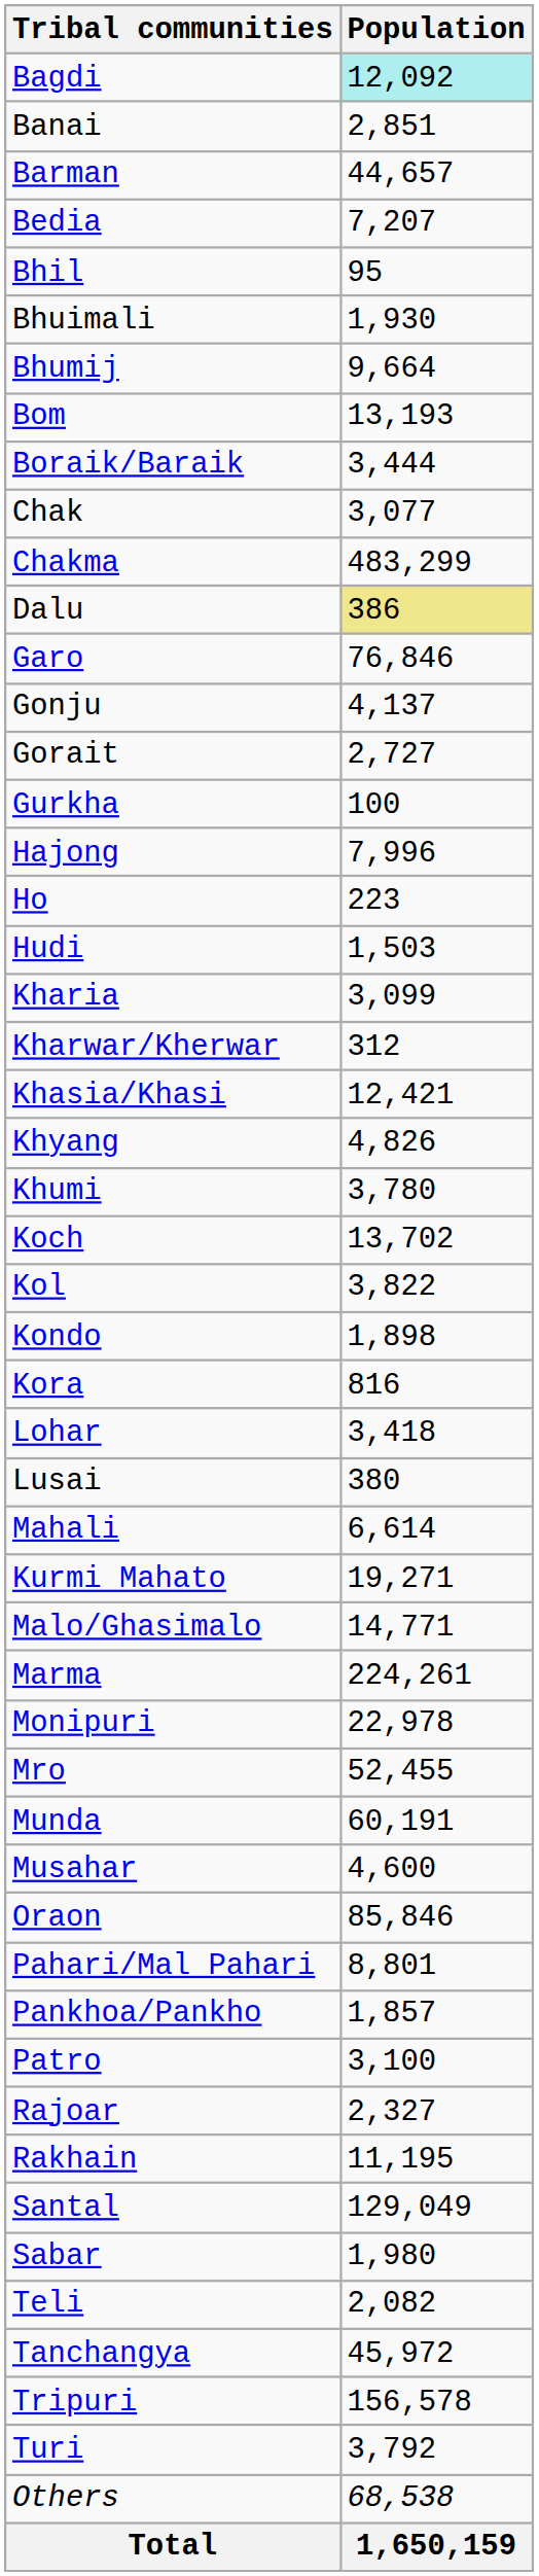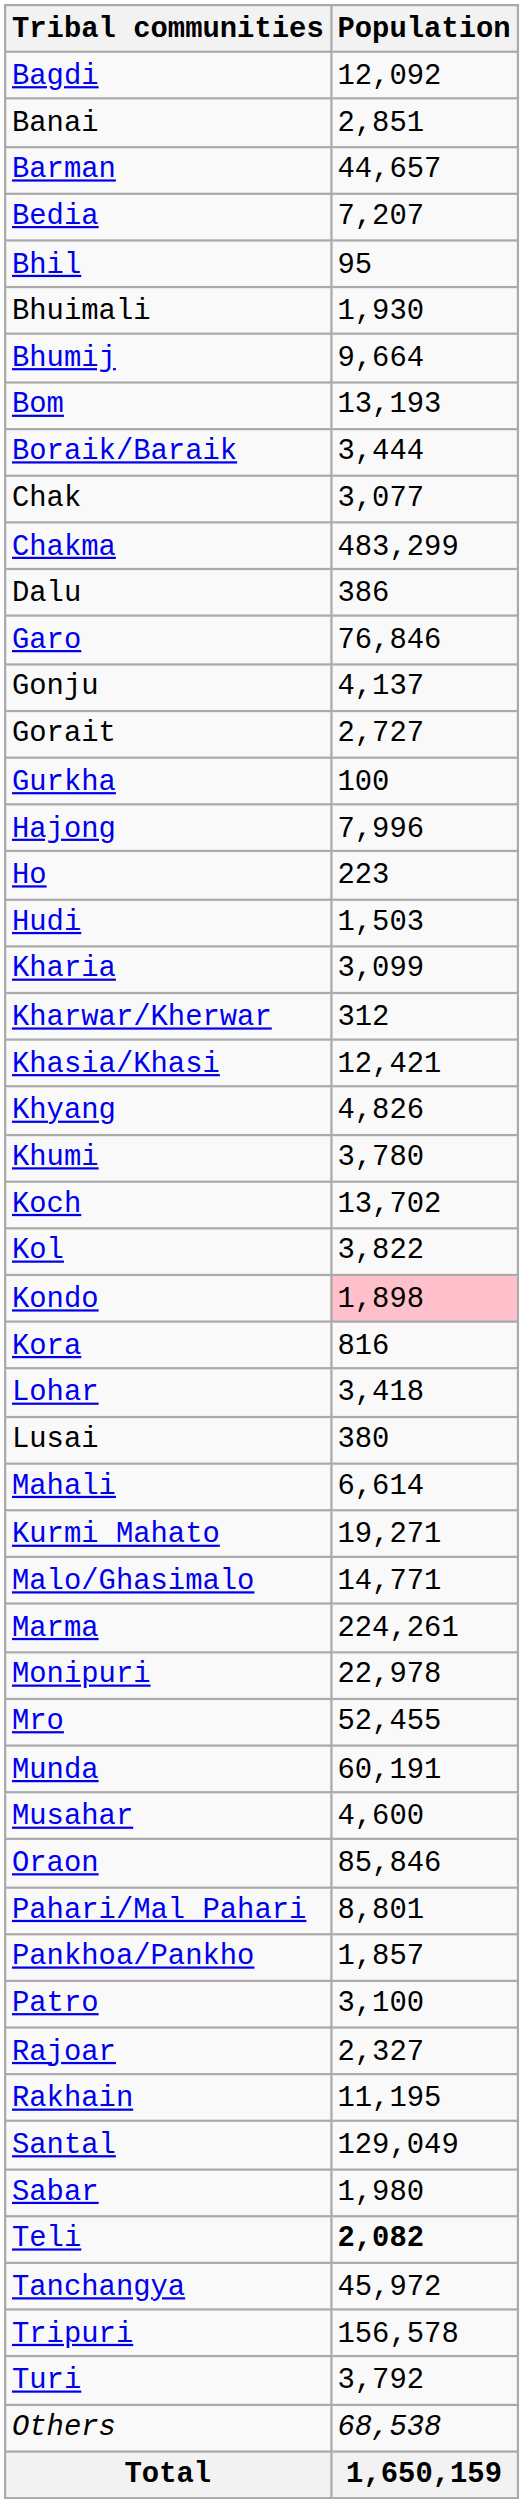 <table class="wikitable sortable static-row-numbers static-row-header-text defaultleft col2right hover-highlight">
 <tr>
 <th>Tribal communities</th>
 <th>Population</th>
 </tr>
 <tr>
 <td><a href='#'>Bagdi</a></td>
-<td style="background: paleturquoise;">12,092</td>
+<td>12,092</td>
 </tr>
 <tr>
 <td>Banai</td>
 <td>2,851</td>
 </tr>
 <tr>
 <td><a href='#'>Barman</a></td>
 <td>44,657</td>
 </tr>
 <tr>
 <td><a href='#'>Bedia</a></td>
 <td>7,207</td>
 </tr>
 <tr>
 <td><a href='#'>Bhil</a></td>
 <td>95</td>
 </tr>
 <tr>
 <td>Bhuimali</td>
 <td>1,930</td>
 </tr>
 <tr>
 <td><a href='#'>Bhumij</a></td>
 <td>9,664</td>
 </tr>
 <tr>
 <td><a href='#'>Bom</a></td>
 <td>13,193</td>
 </tr>
 <tr>
 <td><a href='#'>Boraik/Baraik</a></td>
 <td>3,444</td>
 </tr>
 <tr>
 <td>Chak</td>
 <td>3,077</td>
 </tr>
 <tr>
 <td><a href='#'>Chakma</a></td>
 <td>483,299</td>
 </tr>
 <tr>
 <td>Dalu</td>
-<td style="background: khaki;">386</td>
+<td>386</td>
 </tr>
 <tr>
 <td><a href='#'>Garo</a></td>
 <td>76,846</td>
 </tr>
 <tr>
 <td>Gonju</td>
 <td>4,137</td>
 </tr>
 <tr>
 <td>Gorait</td>
 <td>2,727</td>
 </tr>
 <tr>
 <td><a href='#'>Gurkha</a></td>
 <td>100</td>
 </tr>
 <tr>
 <td><a href='#'>Hajong</a></td>
 <td>7,996</td>
 </tr>
 <tr>
 <td><a href='#'>Ho</a></td>
 <td>223</td>
 </tr>
 <tr>
 <td><a href='#'>Hudi</a></td>
 <td>1,503</td>
 </tr>
 <tr>
 <td><a href='#'>Kharia</a></td>
 <td>3,099</td>
 </tr>
 <tr>
 <td><a href='#'>Kharwar/Kherwar</a></td>
 <td>312</td>
 </tr>
 <tr>
 <td><a href='#'>Khasia/Khasi</a></td>
 <td>12,421</td>
 </tr>
 <tr>
 <td><a href='#'>Khyang</a></td>
 <td>4,826</td>
 </tr>
 <tr>
 <td><a href='#'>Khumi</a></td>
 <td>3,780</td>
 </tr>
 <tr>
 <td><a href='#'>Koch</a></td>
 <td>13,702</td>
 </tr>
 <tr>
 <td><a href='#'>Kol</a></td>
 <td>3,822</td>
 </tr>
 <tr>
 <td><a href='#'>Kondo</a></td>
-<td>1,898</td>
+<td style="background: pink;">1,898</td>
 </tr>
 <tr>
 <td><a href='#'>Kora</a></td>
 <td>816</td>
 </tr>
 <tr>
 <td><a href='#'>Lohar</a></td>
 <td>3,418</td>
 </tr>
 <tr>
 <td>Lusai</td>
 <td>380</td>
 </tr>
 <tr>
 <td><a href='#'>Mahali</a></td>
 <td>6,614</td>
 </tr>
 <tr>
 <td><a href='#'>Kurmi Mahato</a></td>
 <td>19,271</td>
 </tr>
 <tr>
 <td><a href='#'>Malo/Ghasimalo</a></td>
 <td>14,771</td>
 </tr>
 <tr>
 <td><a href='#'>Marma</a></td>
 <td>224,261</td>
 </tr>
 <tr>
 <td><a href='#'>Monipuri</a></td>
 <td>22,978</td>
 </tr>
 <tr>
 <td><a href='#'>Mro</a></td>
 <td>52,455</td>
 </tr>
 <tr>
 <td><a href='#'>Munda</a></td>
 <td>60,191</td>
 </tr>
 <tr>
 <td><a href='#'>Musahar</a></td>
 <td>4,600</td>
 </tr>
 <tr>
 <td><a href='#'>Oraon</a></td>
 <td>85,846</td>
 </tr>
 <tr>
 <td><a href='#'>Pahari/Mal Pahari</a></td>
 <td>8,801</td>
 </tr>
 <tr>
 <td><a href='#'>Pankhoa/Pankho</a></td>
 <td>1,857</td>
 </tr>
 <tr>
 <td><a href='#'>Patro</a></td>
 <td>3,100</td>
 </tr>
 <tr>
 <td><a href='#'>Rajoar</a></td>
 <td>2,327</td>
 </tr>
 <tr>
 <td><a href='#'>Rakhain</a></td>
 <td>11,195</td>
 </tr>
 <tr>
 <td><a href='#'>Santal</a></td>
 <td>129,049</td>
 </tr>
 <tr>
 <td><a href='#'>Sabar</a></td>
 <td>1,980</td>
 </tr>
 <tr>
 <td><a href='#'>Teli</a></td>
-<td>2,082</td>
+<td><strong>2,082</strong></td>
 </tr>
 <tr>
 <td><a href='#'>Tanchangya</a></td>
 <td>45,972</td>
 </tr>
 <tr>
 <td><a href='#'>Tripuri</a></td>
 <td>156,578</td>
 </tr>
 <tr>
 <td><a href='#'>Turi</a></td>
 <td>3,792</td>
 </tr>
 <tr class=sortbottom>
 <td><em>Others</em></td>
 <td><em>68,538</em></td>
 </tr>
 <tr>
 <th>Total</th>
 <th>1,650,159</th>
 </tr>
 </table>
